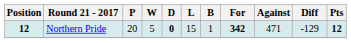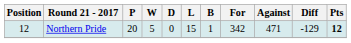 <table class="wikitable" style="text-align:center; font-size:85%;">
 <tr>
 <th width=40 abbr="Position">Position</th>
 <th width=100>Round 21 - 2017</th>
 <th width=20 abbr="Played">P</th>
 <th width=20 abbr="Won">W</th>
 <th width=20 abbr="Drawn">D</th>
 <th width=20 abbr="Lost">L</th>
 <th width=20 abbr="Bye">B</th>
 <th width=40 abbr="Points for">For</th>
 <th width=40 abbr="Points against">Against</th>
 <th width=40 abbr="Points difference">Diff</th>
 <th width=20 abbr="Points">Pts</th>
 </tr>
 <tr style="background: #d7ebed;">
-<td><strong>12</strong></td>
+<td>12</td>
 <td style="text-align:left;"> <a href='#'>Northern Pride</a></td>
 <td>20</td>
 <td>5</td>
-<td><strong>0</strong></td>
+<td>0</td>
 <td>15</td>
 <td>1</td>
-<td><strong>342</strong></td>
+<td>342</td>
 <td>471</td>
 <td>-129</td>
 <td><strong>12</strong></td>
 </tr>
 <tr>
 </tr>
 </table>
